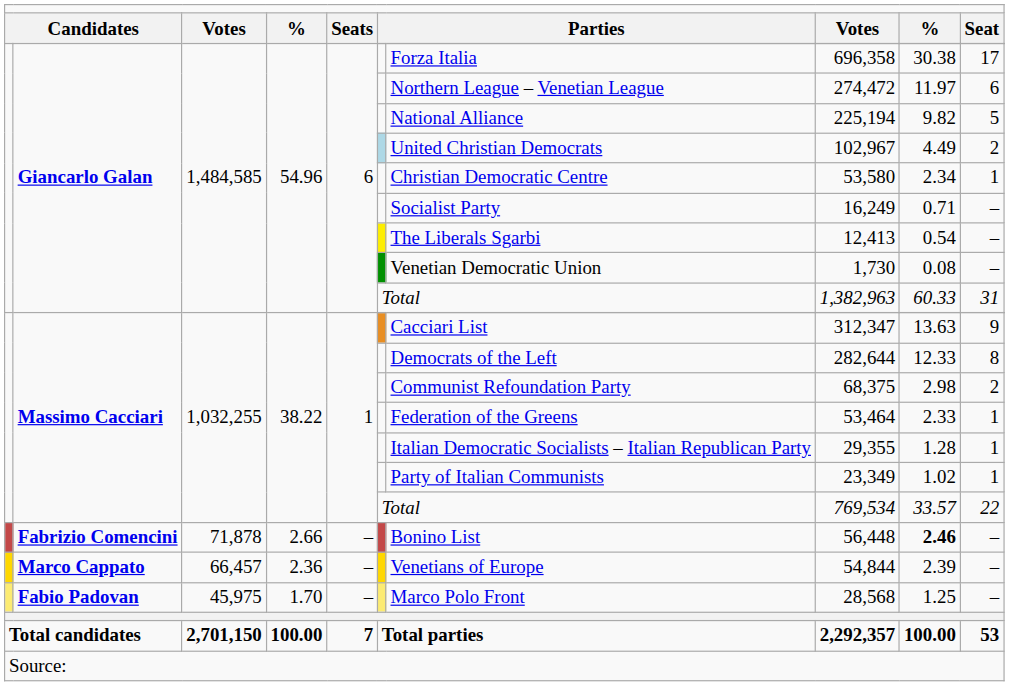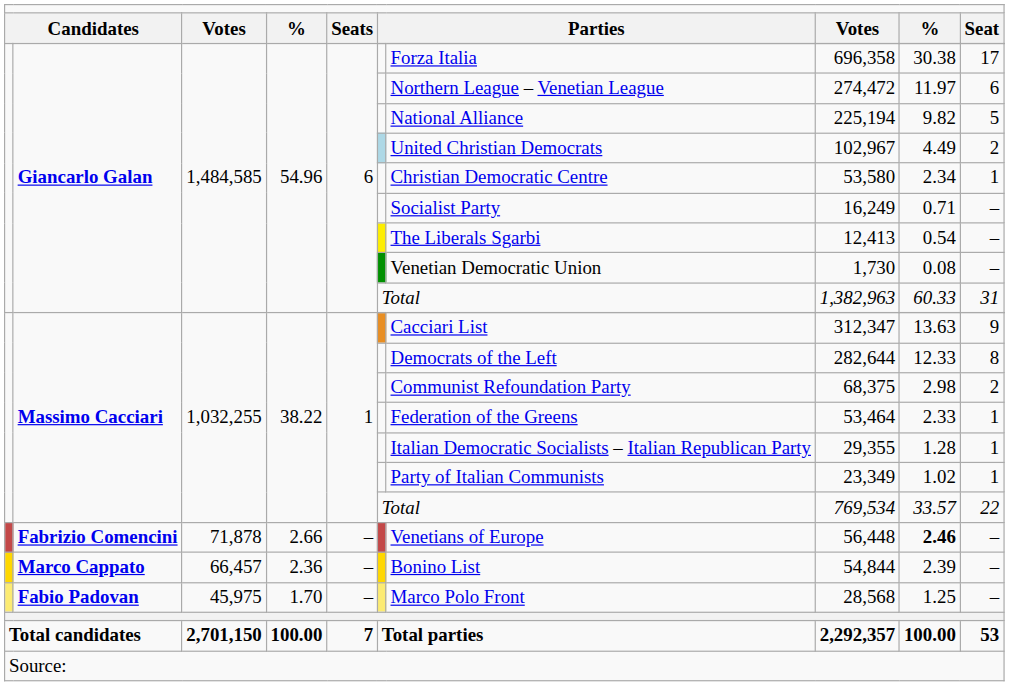 <table class="wikitable">
 <tr>
 <td colspan=10></td>
 </tr>
 <tr>
 <th colspan=2>Candidates</th>
 <th>Votes</th>
 <th>%</th>
 <th>Seats</th>
 <th colspan=2>Parties</th>
 <th>Votes</th>
 <th>%</th>
 <th>Seat</th>
 </tr>
 <tr>
 <td rowspan="10"></td>
 <td rowspan="10"><strong><a href='#'>Giancarlo Galan</a></strong></td>
 <td rowspan="10" align=right>1,484,585</td>
 <td rowspan="10" align=right>54.96</td>
 <td rowspan="10" align=right>6</td>
 </tr>
 <tr>
 <td></td>
 <td align="left"><a href='#'>Forza Italia</a></td>
 <td align=right>696,358</td>
 <td align=right>30.38</td>
 <td align=right>17</td>
 </tr>
 <tr>
 <td></td>
 <td align="left"><a href='#'>Northern League</a> – <a href='#'>Venetian League</a></td>
 <td align=right>274,472</td>
 <td align=right>11.97</td>
 <td align=right>6</td>
 </tr>
 <tr>
 <td></td>
 <td align="left"><a href='#'>National Alliance</a></td>
 <td align=right>225,194</td>
 <td align=right>9.82</td>
 <td align=right>5</td>
 </tr>
 <tr>
 <td bgcolor="lightblue"></td>
 <td align="left"><a href='#'>United Christian Democrats</a></td>
 <td align=right>102,967</td>
 <td align=right>4.49</td>
 <td align=right>2</td>
 </tr>
 <tr>
 <td></td>
 <td align="left"><a href='#'>Christian Democratic Centre</a></td>
 <td align=right>53,580</td>
 <td align=right>2.34</td>
 <td align=right>1</td>
 </tr>
 <tr>
 <td></td>
 <td align="left"><a href='#'>Socialist Party</a></td>
 <td align=right>16,249</td>
 <td align=right>0.71</td>
 <td align=right>–</td>
 </tr>
 <tr>
 <td bgcolor="#FDEE00"></td>
 <td align="left"><a href='#'>The Liberals Sgarbi</a></td>
 <td align=right>12,413</td>
 <td align=right>0.54</td>
 <td align=right>–</td>
 </tr>
 <tr>
 <td bgcolor="#009000"></td>
 <td align="left">Venetian Democratic Union</td>
 <td align=right>1,730</td>
 <td align=right>0.08</td>
 <td align=right>–</td>
 </tr>
 <tr>
 <td colspan=2><em>Total</em></td>
 <td align=right><em>1,382,963</em></td>
 <td align=right><em>60.33</em></td>
 <td align=right><em>31</em></td>
 </tr>
 <tr>
 <td rowspan="8"></td>
 <td rowspan="8"><strong><a href='#'>Massimo Cacciari</a></strong></td>
 <td rowspan="8" align=right>1,032,255</td>
 <td rowspan="8" align=right>38.22</td>
 <td rowspan="8" align=right>1</td>
 </tr>
 <tr>
 <td bgcolor="#E88E23"></td>
 <td align="left"><a href='#'>Cacciari List</a></td>
 <td align=right>312,347</td>
 <td align=right>13.63</td>
 <td align=right>9</td>
 </tr>
 <tr>
 <td></td>
 <td align="left"><a href='#'>Democrats of the Left</a></td>
 <td align=right>282,644</td>
 <td align=right>12.33</td>
 <td align=right>8</td>
 </tr>
 <tr>
 <td></td>
 <td align="left"><a href='#'>Communist Refoundation Party</a></td>
 <td align=right>68,375</td>
 <td align=right>2.98</td>
 <td align=right>2</td>
 </tr>
 <tr>
 <td></td>
 <td align="left"><a href='#'>Federation of the Greens</a></td>
 <td align=right>53,464</td>
 <td align=right>2.33</td>
 <td align=right>1</td>
 </tr>
 <tr>
 <td></td>
 <td align="left"><a href='#'>Italian Democratic Socialists</a> – <a href='#'>Italian Republican Party</a></td>
 <td align=right>29,355</td>
 <td align=right>1.28</td>
 <td align=right>1</td>
 </tr>
 <tr>
 <td></td>
 <td align="left"><a href='#'>Party of Italian Communists</a></td>
 <td align=right>23,349</td>
 <td align=right>1.02</td>
 <td align=right>1</td>
 </tr>
 <tr>
 <td colspan=2><em>Total</em></td>
 <td align=right><em>769,534</em></td>
 <td align=right><em>33.57</em></td>
 <td align=right><em>22</em></td>
 </tr>
 <tr>
 <td bgcolor="#C34848"></td>
 <td><strong><a href='#'>Fabrizio Comencini</a></strong></td>
 <td align=right>71,878</td>
 <td align=right>2.66</td>
 <td align=right>–</td>
 <td bgcolor="#C34848"></td>
-<td align="left"><a href='#'>Bonino List</a></td>
+<td align="left"><a href='#'>Venetians of Europe</a></td>
 <td align=right>56,448</td>
 <td align=right><strong>2.46</strong></td>
 <td align=right>–</td>
 </tr>
 <tr>
 <td bgcolor="gold"></td>
 <td><strong><a href='#'>Marco Cappato</a></strong></td>
 <td align=right>66,457</td>
 <td align=right>2.36</td>
 <td align=right>–</td>
 <td bgcolor="gold"></td>
-<td align="left"><a href='#'>Venetians of Europe</a></td>
+<td align="left"><a href='#'>Bonino List</a></td>
 <td align=right>54,844</td>
 <td align=right>2.39</td>
 <td align=right>–</td>
 </tr>
 <tr>
 <td bgcolor="#FCEB72"></td>
 <td><strong><a href='#'>Fabio Padovan</a></strong></td>
 <td align=right>45,975</td>
 <td align=right>1.70</td>
 <td align=right>–</td>
 <td bgcolor="#FCEB72"></td>
 <td align="left"><a href='#'>Marco Polo Front</a></td>
 <td align=right>28,568</td>
 <td align=right>1.25</td>
 <td align=right>–</td>
 </tr>
 <tr>
 <th colspan=10></th>
 </tr>
 <tr>
 <td colspan=2><strong>Total candidates</strong></td>
 <td align=right><strong>2,701,150</strong></td>
 <td align=right><strong>100.00</strong></td>
 <td align=right><strong>7</strong></td>
 <td colspan=2><strong>Total parties</strong></td>
 <td align=right><strong>2,292,357</strong></td>
 <td align=right><strong>100.00</strong></td>
 <td align=right><strong>53</strong></td>
 </tr>
 <tr>
 <td colspan=10>Source: </td>
 </tr>
 </table>
